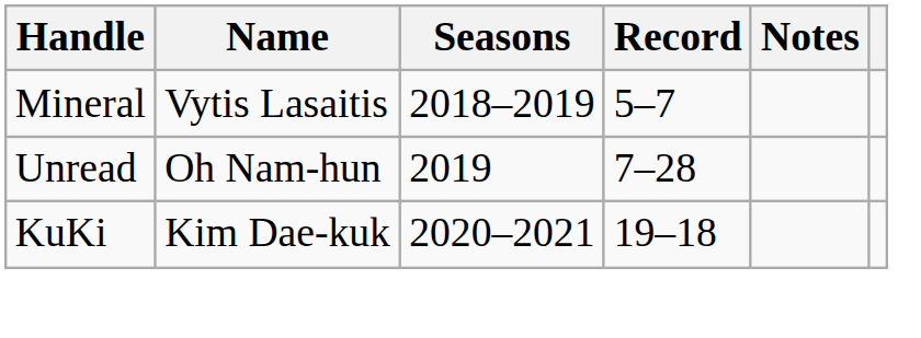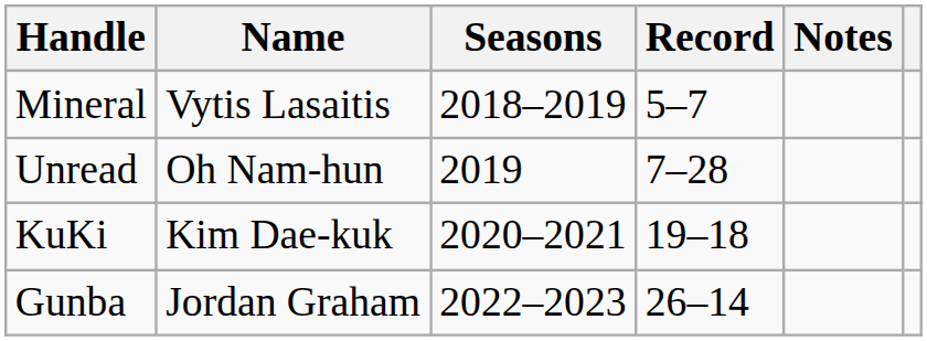 <table class="wikitable">
 <tr>
 <th style="background:#">Handle</th>
 <th style="background:#">Name</th>
 <th style="background:#">Seasons</th>
 <th style="background:#">Record</th>
 <th style="background:#">Notes</th>
 <th style="background:#"></th>
 </tr>
 <tr>
 <td>Mineral</td>
 <td>Vytis Lasaitis</td>
 <td>2018–2019</td>
 <td>5–7 </td>
 <td></td>
 <td></td>
 </tr>
 <tr>
 <td>Unread</td>
 <td>Oh Nam-hun</td>
 <td>2019</td>
 <td>7–28 </td>
 <td></td>
 <td></td>
 </tr>
 <tr>
 <td>KuKi</td>
 <td>Kim Dae-kuk</td>
 <td>2020–2021</td>
 <td>19–18 </td>
 <td></td>
 <td></td>
 </tr>
+<tr>
+<td>Gunba</td>
+<td>Jordan Graham</td>
+<td>2022–2023</td>
+<td>26–14 </td>
+<td></td>
+<td></td>
+</tr>
 </table>
